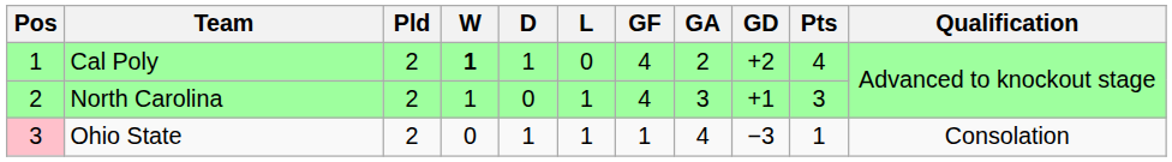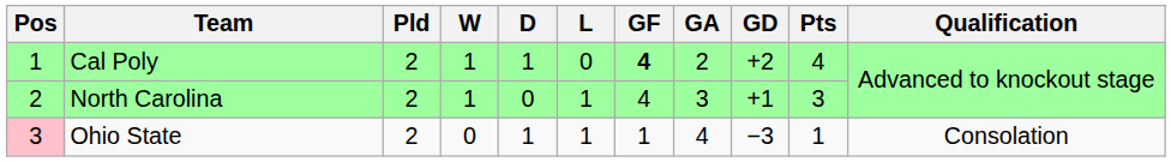 <table class="wikitable" style="text-align:center; margin: 1em auto">
 <tr>
 <th style="width:2em">Pos</th>
 <th style="width:13em">Team</th>
 <th style="width:2em">Pld</th>
 <th style="width:2em">W</th>
 <th style="width:2em">D</th>
 <th style="width:2em">L</th>
 <th style="width:2em">GF</th>
 <th style="width:2em">GA</th>
 <th style="width:2em">GD</th>
 <th style="width:2em">Pts</th>
 <th style="width:13em">Qualification</th>
 </tr>
 <tr bgcolor="#9eff9e">
 <td>1</td>
 <td style="text-align:left">Cal Poly</td>
 <td>2</td>
-<td><strong>1</strong></td>
+<td>1</td>
 <td>1</td>
 <td>0</td>
-<td>4</td>
+<td><strong>4</strong></td>
 <td>2</td>
 <td>+2</td>
 <td>4</td>
 <td rowspan="2">Advanced to knockout stage</td>
 </tr>
 <tr bgcolor="#9eff9e">
 <td>2</td>
 <td style="text-align:left">North Carolina</td>
 <td>2</td>
 <td>1</td>
 <td>0</td>
 <td>1</td>
 <td>4</td>
 <td>3</td>
 <td>+1</td>
 <td>3</td>
 </tr>
 <tr>
 <td style="background: pink;">3</td>
 <td style="text-align:left">Ohio State</td>
 <td>2</td>
 <td>0</td>
 <td>1</td>
 <td>1</td>
 <td>1</td>
 <td>4</td>
 <td>−3</td>
 <td>1</td>
 <td>Consolation</td>
 </tr>
 </table>
